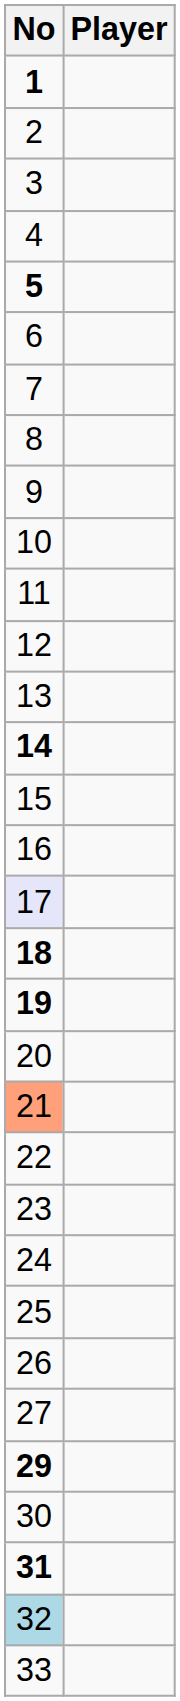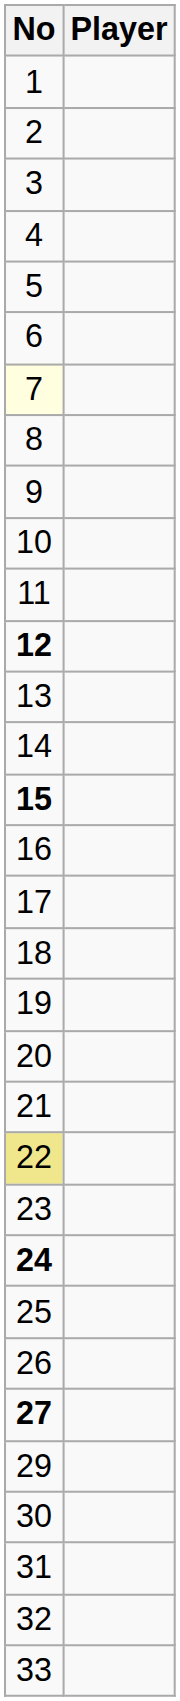 <table class="wikitable sortable" style="text-align:center;">
 <tr>
 <th>No</th>
 <th>Player</th>
 </tr>
 <tr>
-<td><strong>1</strong></td>
+<td>1</td>
 <td align=left></td>
 </tr>
 <tr>
 <td>2</td>
 <td align=left></td>
 </tr>
 <tr>
 <td>3</td>
 <td align=left></td>
 </tr>
 <tr>
 <td>4</td>
 <td align=left></td>
 </tr>
 <tr>
-<td><strong>5</strong></td>
+<td>5</td>
 <td align=left></td>
 </tr>
 <tr>
 <td>6</td>
 <td align=left></td>
 </tr>
 <tr>
-<td>7</td>
+<td style="background: lightyellow;">7</td>
 <td align=left></td>
 </tr>
 <tr>
 <td>8</td>
 <td align=left></td>
 </tr>
 <tr>
 <td>9</td>
 <td align=left></td>
 </tr>
 <tr>
 <td>10</td>
 <td align=left></td>
 </tr>
 <tr>
 <td>11</td>
 <td align=left></td>
 </tr>
 <tr>
-<td>12</td>
+<td><strong>12</strong></td>
 <td align=left></td>
 </tr>
 <tr>
 <td>13</td>
 <td align=left></td>
 </tr>
 <tr>
-<td><strong>14</strong></td>
+<td>14</td>
 <td align=left></td>
 </tr>
 <tr>
-<td>15</td>
+<td><strong>15</strong></td>
 <td align=left></td>
 </tr>
 <tr>
 <td>16</td>
 <td align=left></td>
 </tr>
 <tr>
-<td style="background: lavender;">17</td>
+<td>17</td>
 <td align=left></td>
 </tr>
 <tr>
-<td><strong>18</strong></td>
+<td>18</td>
 <td align=left></td>
 </tr>
 <tr>
-<td><strong>19</strong></td>
+<td>19</td>
 <td align=left></td>
 </tr>
 <tr>
 <td>20</td>
 <td align=left></td>
 </tr>
 <tr>
-<td style="background: lightsalmon;">21</td>
+<td>21</td>
 <td align=left></td>
 </tr>
 <tr>
-<td>22</td>
+<td style="background: khaki;">22</td>
 <td align=left></td>
 </tr>
 <tr>
 <td>23</td>
 <td align=left></td>
 </tr>
 <tr>
-<td>24</td>
+<td><strong>24</strong></td>
 <td align=left></td>
 </tr>
 <tr>
 <td>25</td>
 <td align=left></td>
 </tr>
 <tr>
 <td>26</td>
 <td align=left></td>
 </tr>
 <tr>
-<td>27</td>
+<td><strong>27</strong></td>
 <td align=left></td>
 </tr>
 <tr>
-<td><strong>29</strong></td>
+<td>29</td>
 <td align=left></td>
 </tr>
 <tr>
 <td>30</td>
 <td align=left></td>
 </tr>
 <tr>
-<td><strong>31</strong></td>
+<td>31</td>
 <td align=left></td>
 </tr>
 <tr>
-<td style="background: lightblue;">32</td>
+<td>32</td>
 <td align=left></td>
 </tr>
 <tr>
 <td>33</td>
 <td align=left></td>
 </tr>
 </table>
